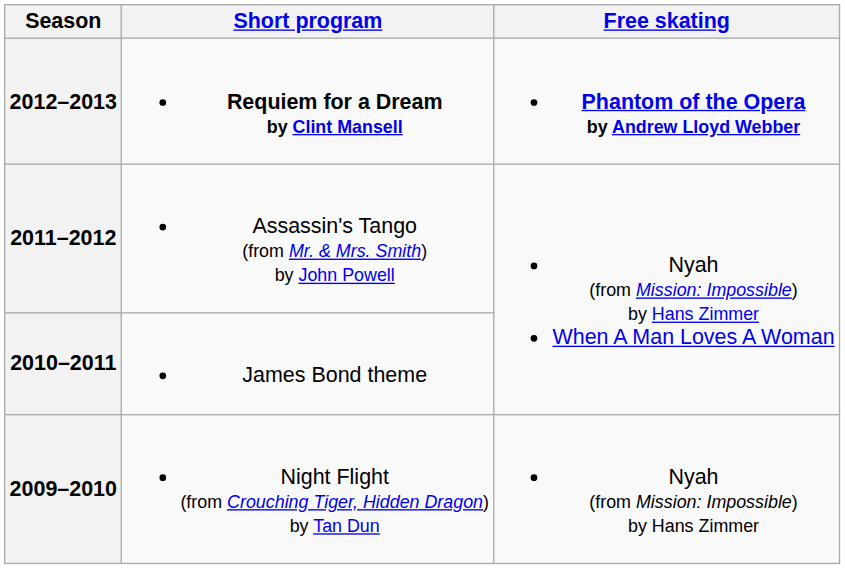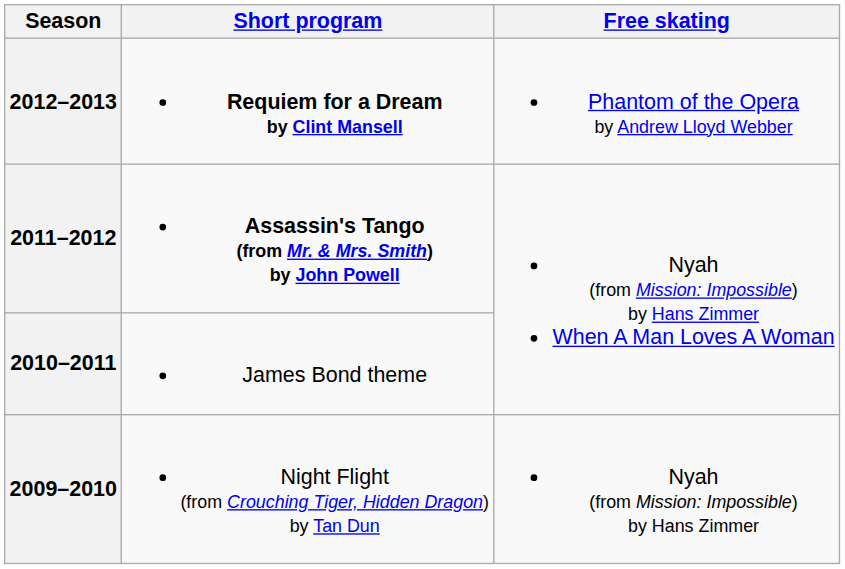 <table class=wikitable style=text-align:center>
 <tr>
 <th>Season</th>
 <th><a href='#'>Short program</a></th>
 <th><a href='#'>Free skating</a></th>
 </tr>
 <tr>
 <th>2012–2013 <br> </th>
 <td><strong><br><ul><li>Requiem for a Dream <br><small> by <a href='#'>Clint Mansell</a> </small></li></ul></strong></td>
-<td><strong><br><ul><li><a href='#'>Phantom of the Opera</a><br><small>by <a href='#'>Andrew Lloyd Webber</a></small></li></ul></strong></td>
+<td><br><ul><li><a href='#'>Phantom of the Opera</a><br><small>by <a href='#'>Andrew Lloyd Webber</a></small></li></ul></td>
 </tr>
 <tr>
 <th>2011–2012 <br> </th>
-<td><br><ul><li>Assassin's Tango<br><small>(from <em><a href='#'>Mr. & Mrs. Smith</a></em>)<br>by <a href='#'>John Powell</a></small></li></ul></td>
+<td><strong><br><ul><li>Assassin's Tango<br><small>(from <em><a href='#'>Mr. & Mrs. Smith</a></em>)<br>by <a href='#'>John Powell</a></small></li></ul></strong></td>
 <td rowspan=2><br><ul><li>Nyah<br><small>(from <em><a href='#'>Mission: Impossible</a></em>)<br>by <a href='#'>Hans Zimmer</a></small></li><li><a href='#'>When A Man Loves A Woman</a></li></ul></td>
 </tr>
 <tr>
 <th>2010–2011 <br> </th>
 <td><br><ul><li>James Bond theme</li></ul></td>
 </tr>
 <tr>
 <th>2009–2010 <br> </th>
 <td><br><ul><li>Night Flight<br><small>(from <em><a href='#'>Crouching Tiger, Hidden Dragon</a></em>)<br>by <a href='#'>Tan Dun</a></small></li></ul></td>
 <td><br><ul><li>Nyah<br><small>(from <em>Mission: Impossible</em>)<br>by Hans Zimmer</small></li></ul></td>
 </tr>
 </table>
